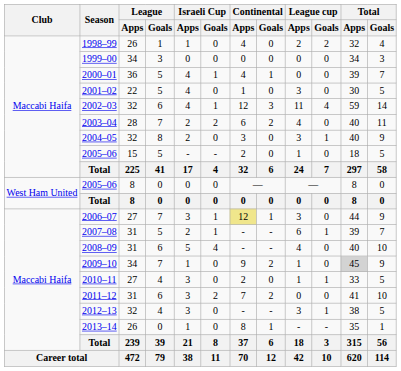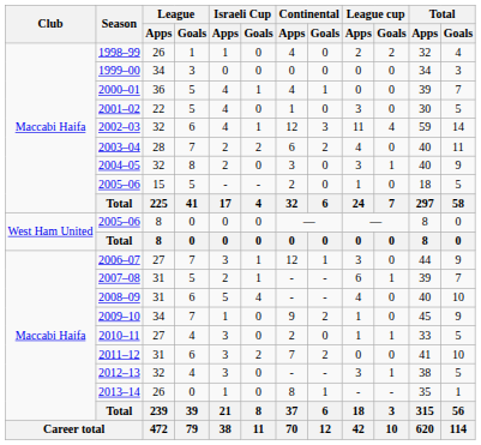 <table class="wikitable" style="text-align:center;">
 <tr>
 <th rowspan="2">Club</th>
 <th rowspan="2">Season</th>
 <th colspan="2">League</th>
 <th colspan="2">Israeli Cup</th>
 <th colspan="2">Continental</th>
 <th colspan="2">League cup</th>
 <th colspan="2">Total</th>
 </tr>
 <tr>
 <th>Apps</th>
 <th>Goals</th>
 <th>Apps</th>
 <th>Goals</th>
 <th>Apps</th>
 <th>Goals</th>
 <th>Apps</th>
 <th>Goals</th>
 <th>Apps</th>
 <th>Goals</th>
 </tr>
 <tr>
 <td rowspan="9"><a href='#'>Maccabi Haifa</a></td>
 <td><a href='#'>1998–99</a></td>
 <td>26</td>
 <td>1</td>
 <td>1</td>
 <td>0</td>
 <td>4</td>
 <td>0</td>
 <td>2</td>
 <td>2</td>
 <td>32</td>
 <td>4</td>
 </tr>
 <tr>
 <td><a href='#'>1999–00</a></td>
 <td>34</td>
 <td>3</td>
 <td>0</td>
 <td>0</td>
 <td>0</td>
 <td>0</td>
 <td>0</td>
 <td>0</td>
 <td>34</td>
 <td>3</td>
 </tr>
 <tr>
 <td><a href='#'>2000–01</a></td>
 <td>36</td>
 <td>5</td>
 <td>4</td>
 <td>1</td>
 <td>4</td>
 <td>1</td>
 <td>0</td>
 <td>0</td>
 <td>39</td>
 <td>7</td>
 </tr>
 <tr>
 <td><a href='#'>2001–02</a></td>
 <td>22</td>
 <td>5</td>
 <td>4</td>
 <td>0</td>
 <td>1</td>
 <td>0</td>
 <td>3</td>
 <td>0</td>
 <td>30</td>
 <td>5</td>
 </tr>
 <tr>
 <td><a href='#'>2002–03</a></td>
 <td>32</td>
 <td>6</td>
 <td>4</td>
 <td>1</td>
 <td>12</td>
 <td>3</td>
 <td>11</td>
 <td>4</td>
 <td>59</td>
 <td>14</td>
 </tr>
 <tr>
 <td><a href='#'>2003–04</a></td>
 <td>28</td>
 <td>7</td>
 <td>2</td>
 <td>2</td>
 <td>6</td>
 <td>2</td>
 <td>4</td>
 <td>0</td>
 <td>40</td>
 <td>11</td>
 </tr>
 <tr>
 <td><a href='#'>2004–05</a></td>
 <td>32</td>
 <td>8</td>
 <td>2</td>
 <td>0</td>
 <td>3</td>
 <td>0</td>
 <td>3</td>
 <td>1</td>
 <td>40</td>
 <td>9</td>
 </tr>
 <tr>
 <td><a href='#'>2005–06</a></td>
 <td>15</td>
 <td>5</td>
 <td>-</td>
 <td>-</td>
 <td>2</td>
 <td>0</td>
 <td>1</td>
 <td>0</td>
 <td>18</td>
 <td>5</td>
 </tr>
 <tr>
 <th>Total</th>
 <th>225</th>
 <th>41</th>
 <th>17</th>
 <th>4</th>
 <th>32</th>
 <th>6</th>
 <th>24</th>
 <th>7</th>
 <th>297</th>
 <th>58</th>
 </tr>
 <tr>
 <td rowspan="2"><a href='#'>West Ham United</a></td>
 <td><a href='#'>2005–06</a></td>
 <td>8</td>
 <td>0</td>
 <td>0</td>
 <td>0</td>
 <td colspan="2">—</td>
 <td colspan="2">—</td>
 <td>8</td>
 <td>0</td>
 </tr>
 <tr>
 <th>Total</th>
 <th>8</th>
 <th>0</th>
 <th>0</th>
 <th>0</th>
 <th>0</th>
 <th>0</th>
 <th>0</th>
 <th>0</th>
 <th>8</th>
 <th>0</th>
 </tr>
 <tr>
 <td rowspan="9"><a href='#'>Maccabi Haifa</a></td>
 <td><a href='#'>2006–07</a></td>
 <td>27</td>
 <td>7</td>
 <td>3</td>
 <td>1</td>
-<td style="background: khaki;">12</td>
+<td>12</td>
 <td>1</td>
 <td>3</td>
 <td>0</td>
 <td>44</td>
 <td>9</td>
 </tr>
 <tr>
 <td><a href='#'>2007–08</a></td>
 <td>31</td>
 <td>5</td>
 <td>2</td>
 <td>1</td>
 <td>-</td>
 <td>-</td>
 <td>6</td>
 <td>1</td>
 <td>39</td>
 <td>7</td>
 </tr>
 <tr>
 <td><a href='#'>2008–09</a></td>
 <td>31</td>
 <td>6</td>
 <td>5</td>
 <td>4</td>
 <td>-</td>
 <td>-</td>
 <td>4</td>
 <td>0</td>
 <td>40</td>
 <td>10</td>
 </tr>
 <tr>
 <td><a href='#'>2009–10</a></td>
 <td>34</td>
 <td>7</td>
 <td>1</td>
 <td>0</td>
 <td>9</td>
 <td>2</td>
 <td>1</td>
 <td>0</td>
-<td style="background: lightgrey;">45</td>
+<td>45</td>
 <td>9</td>
 </tr>
 <tr>
 <td><a href='#'>2010–11</a></td>
 <td>27</td>
 <td>4</td>
 <td>3</td>
 <td>0</td>
 <td>2</td>
 <td>0</td>
 <td>1</td>
 <td>1</td>
 <td>33</td>
 <td>5</td>
 </tr>
 <tr>
 <td><a href='#'>2011–12</a></td>
 <td>31</td>
 <td>6</td>
 <td>3</td>
 <td>2</td>
 <td>7</td>
 <td>2</td>
 <td>0</td>
 <td>0</td>
 <td>41</td>
 <td>10</td>
 </tr>
 <tr>
 <td><a href='#'>2012–13</a></td>
 <td>32</td>
 <td>4</td>
 <td>3</td>
 <td>0</td>
 <td>-</td>
 <td>-</td>
 <td>3</td>
 <td>1</td>
 <td>38</td>
 <td>5</td>
 </tr>
 <tr>
 <td><a href='#'>2013–14</a></td>
 <td>26</td>
 <td>0</td>
 <td>1</td>
 <td>0</td>
 <td>8</td>
 <td>1</td>
 <td>-</td>
 <td>-</td>
 <td>35</td>
 <td>1</td>
 </tr>
 <tr>
 <th>Total</th>
 <th>239</th>
 <th>39</th>
 <th>21</th>
 <th>8</th>
 <th>37</th>
 <th>6</th>
 <th>18</th>
 <th>3</th>
 <th>315</th>
 <th>56</th>
 </tr>
 <tr>
 <th colspan="2">Career total</th>
 <th>472</th>
 <th>79</th>
 <th>38</th>
 <th>11</th>
 <th>70</th>
 <th>12</th>
 <th>42</th>
 <th>10</th>
 <th>620</th>
 <th>114</th>
 </tr>
 </table>
